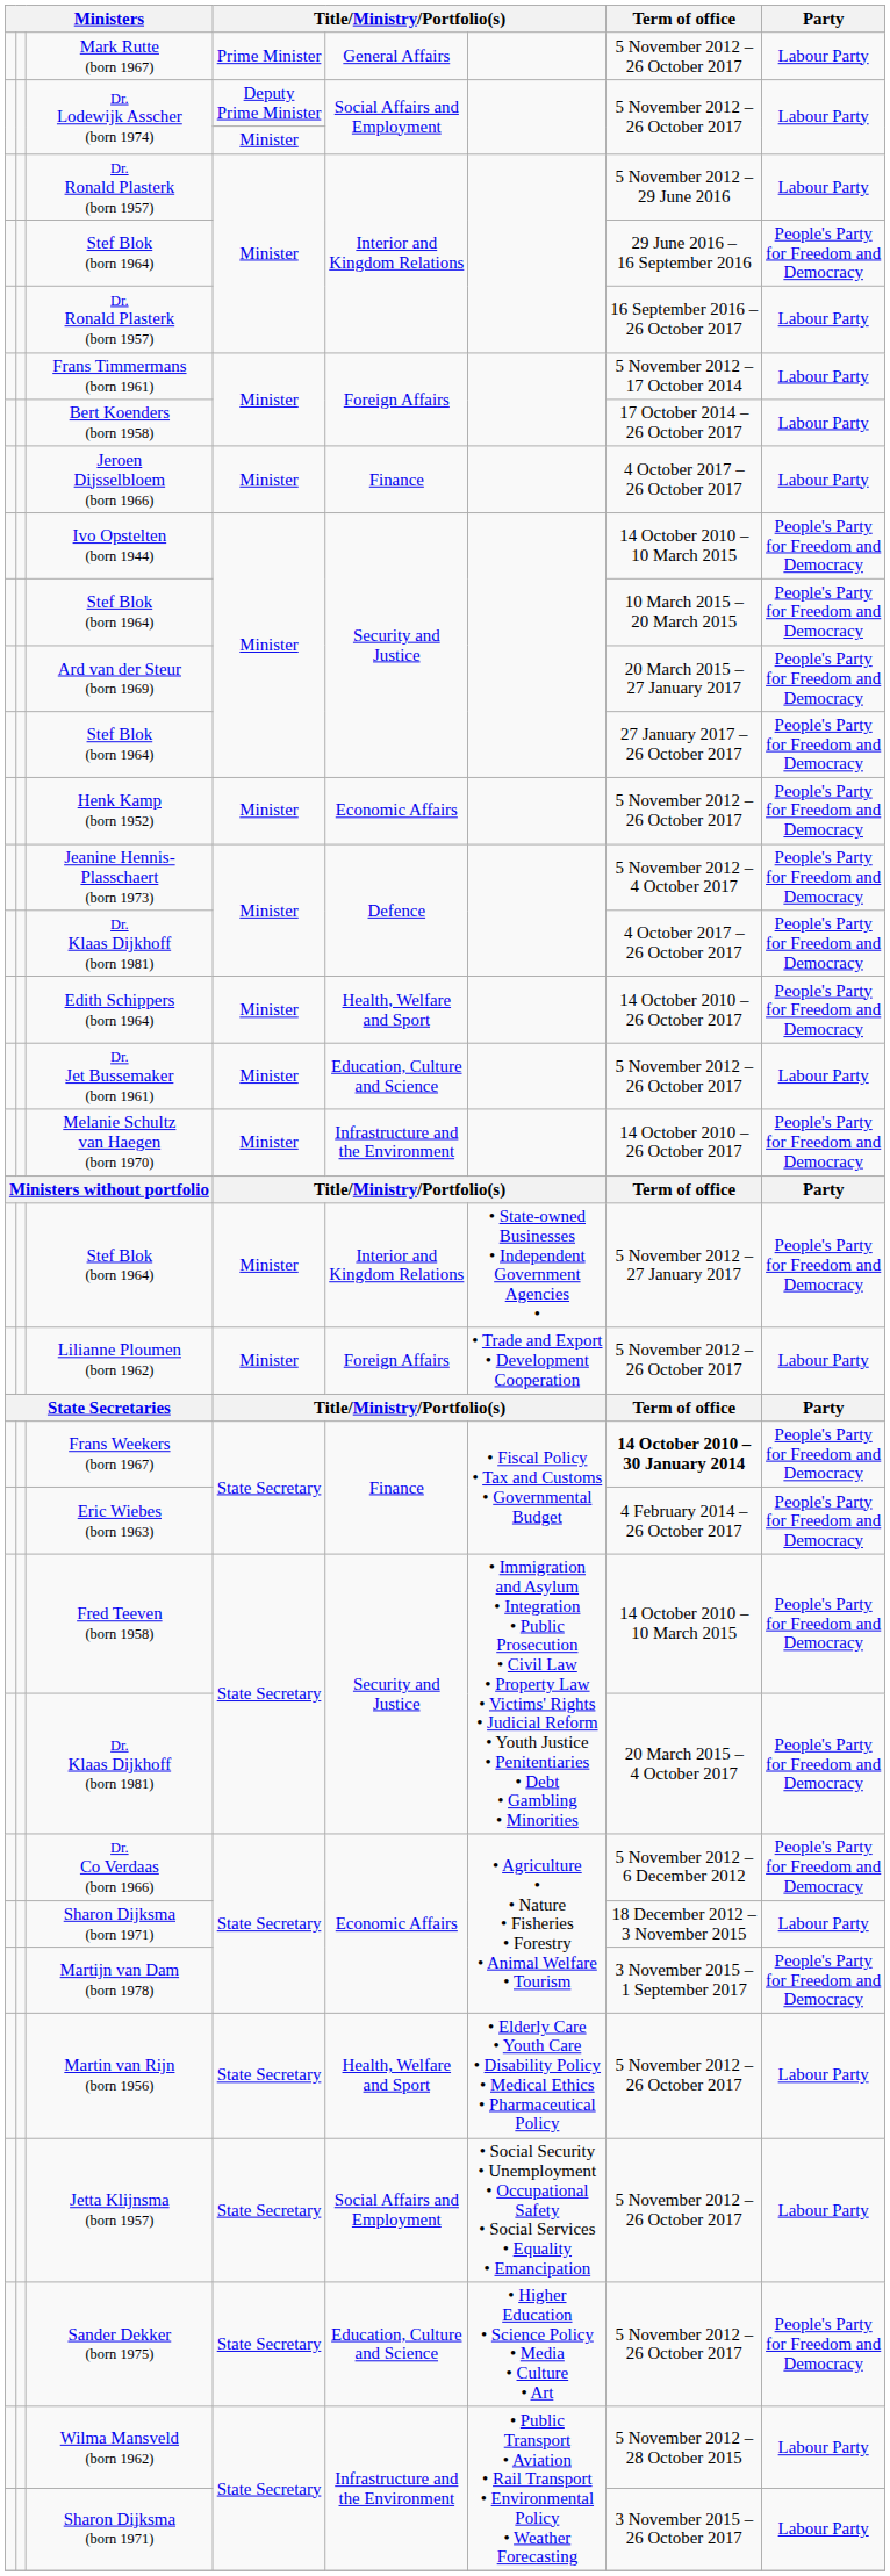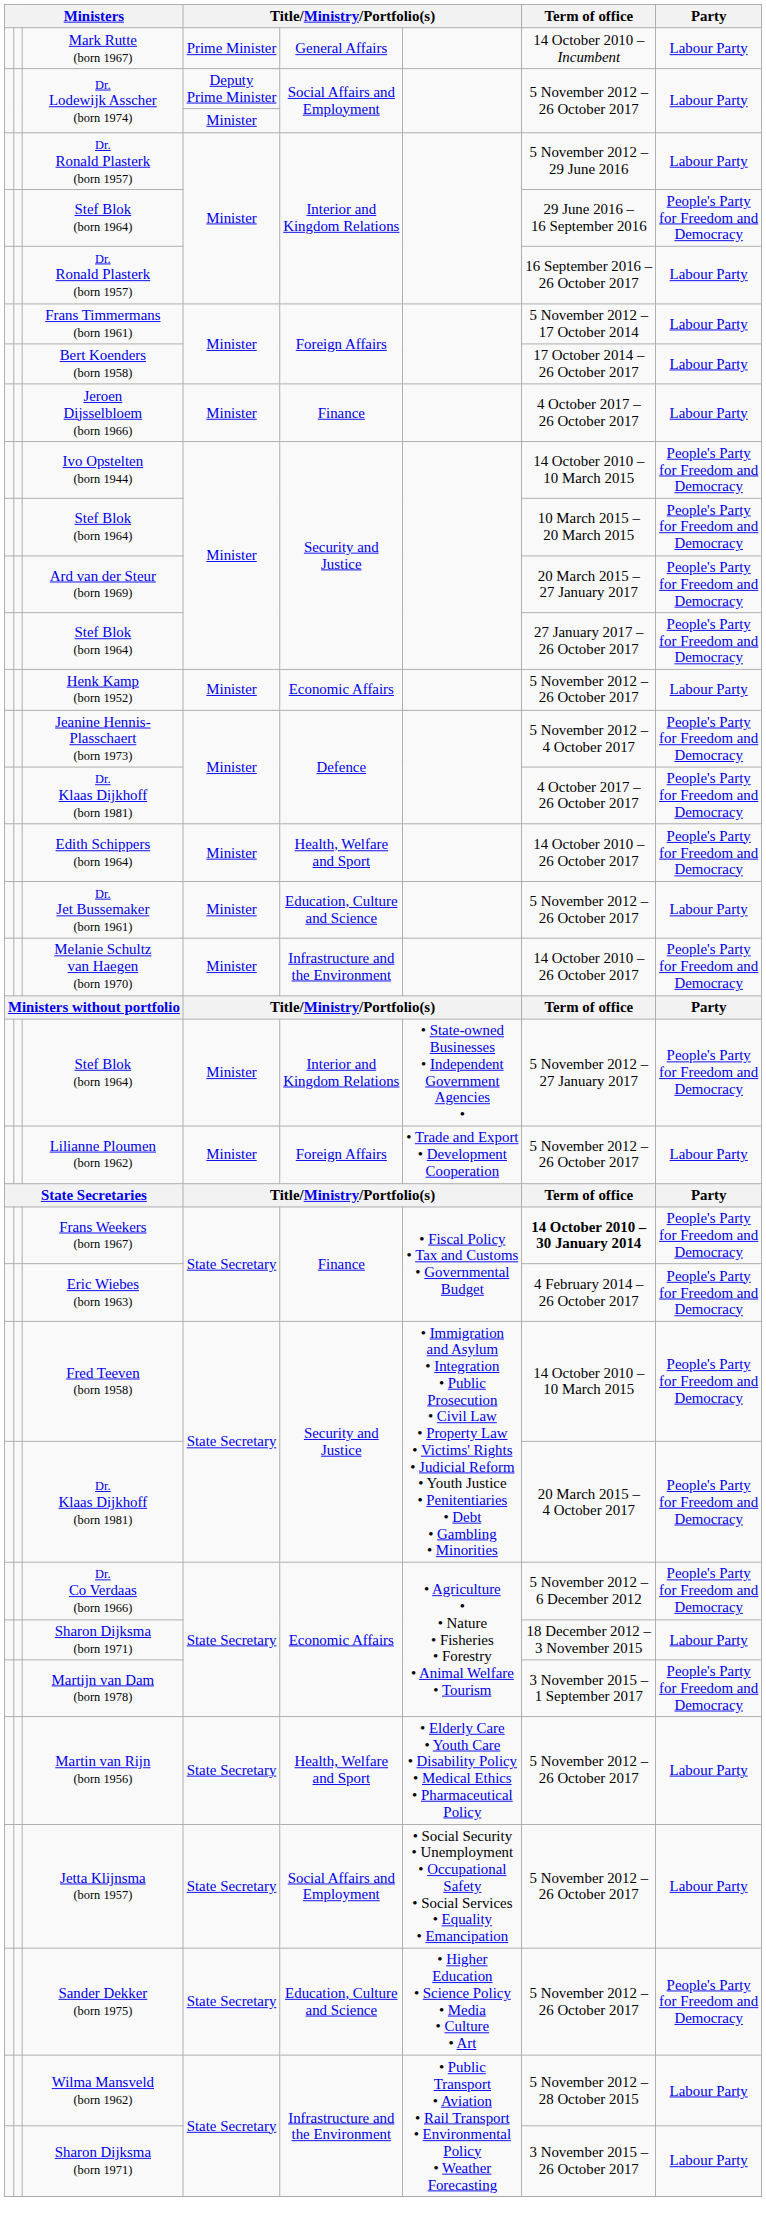 <table class="wikitable" style="text-align:center">
 <tr>
 <th colspan=3><a href='#'>Ministers</a></th>
 <th colspan=3>Title/<a href='#'>Ministry</a>/Portfolio(s)</th>
 <th>Term of office</th>
 <th>Party</th>
 </tr>
 <tr>
 <td style="background:"></td>
 <td></td>
 <td><a href='#'>Mark Rutte</a> <br> <small>(born 1967)</small></td>
 <td><a href='#'>Prime Minister</a></td>
 <td><a href='#'>General Affairs</a></td>
 <td></td>
-<td>5 November 2012 – <br> 26 October 2017</td>
+<td>14 October 2010 – <br> <em>Incumbent</em> <br>  </td>
 <td><a href='#'>Labour Party</a></td>
 </tr>
 <tr>
 <td rowspan=2 style="background:"></td>
 <td rowspan=2></td>
 <td rowspan=2><small><a href='#'>Dr.</a></small> <br> <a href='#'>Lodewijk Asscher</a> <br> <small>(born 1974)</small></td>
 <td><a href='#'>Deputy <br> Prime Minister</a></td>
 <td rowspan=2><a href='#'>Social Affairs and <br> Employment</a></td>
 <td rowspan=2></td>
 <td rowspan=2>5 November 2012 – <br> 26 October 2017</td>
 <td rowspan=2><a href='#'>Labour Party</a></td>
 </tr>
 <tr>
 <td><a href='#'>Minister</a></td>
 </tr>
 <tr>
 <td style="background:"></td>
 <td></td>
 <td><small><a href='#'>Dr.</a></small> <br> <a href='#'>Ronald Plasterk</a> <br> <small>(born 1957)</small></td>
 <td rowspan=3><a href='#'>Minister</a></td>
 <td rowspan=3><a href='#'>Interior and <br> Kingdom Relations</a></td>
 <td rowspan=3></td>
 <td>5 November 2012 – <br> 29 June 2016 <br> </td>
 <td><a href='#'>Labour Party</a></td>
 </tr>
 <tr>
 <td style="background:"></td>
 <td></td>
 <td><a href='#'>Stef Blok</a> <br> <small>(born 1964)</small></td>
 <td>29 June 2016 – <br> 16 September 2016 <br> </td>
 <td><a href='#'>People's Party <br> for Freedom and <br> Democracy</a></td>
 </tr>
 <tr>
 <td style="background:"></td>
 <td></td>
 <td><small><a href='#'>Dr.</a></small> <br> <a href='#'>Ronald Plasterk</a> <br> <small>(born 1957)</small></td>
 <td>16 September 2016 – <br> 26 October 2017</td>
 <td><a href='#'>Labour Party</a></td>
 </tr>
 <tr>
 <td style="background:"></td>
 <td></td>
 <td><a href='#'>Frans Timmermans</a> <br> <small>(born 1961)</small></td>
 <td rowspan=2><a href='#'>Minister</a></td>
 <td rowspan=2><a href='#'>Foreign Affairs</a></td>
 <td rowspan=2></td>
 <td>5 November 2012 – <br> 17 October 2014 <br> </td>
 <td><a href='#'>Labour Party</a></td>
 </tr>
 <tr>
 <td style="background:"></td>
 <td></td>
 <td><a href='#'>Bert Koenders</a> <br> <small>(born 1958)</small></td>
 <td>17 October 2014 – <br> 26 October 2017</td>
 <td><a href='#'>Labour Party</a></td>
 </tr>
 <tr>
 <td style="background:"></td>
 <td></td>
 <td><a href='#'>Jeroen <br> Dijsselbloem</a> <br> <small>(born 1966)</small></td>
 <td><a href='#'>Minister</a></td>
 <td><a href='#'>Finance</a></td>
 <td></td>
 <td>4 October 2017 – <br> 26 October 2017</td>
 <td><a href='#'>Labour Party</a></td>
 </tr>
 <tr>
 <td style="background:"></td>
 <td></td>
 <td><a href='#'>Ivo Opstelten</a> <br> <small>(born 1944)</small></td>
 <td rowspan=4><a href='#'>Minister</a></td>
 <td rowspan=4><a href='#'>Security and <br> Justice</a></td>
 <td rowspan=4></td>
 <td>14 October 2010 – <br> 10 March 2015 <br>  </td>
 <td><a href='#'>People's Party <br> for Freedom and <br> Democracy</a></td>
 </tr>
 <tr>
 <td style="background:"></td>
 <td></td>
 <td><a href='#'>Stef Blok</a> <br> <small>(born 1964)</small></td>
 <td>10 March 2015 – <br> 20 March 2015 <br> </td>
 <td><a href='#'>People's Party <br> for Freedom and <br> Democracy</a></td>
 </tr>
 <tr>
 <td style="background:"></td>
 <td></td>
 <td><a href='#'>Ard van der Steur</a> <br> <small>(born 1969)</small></td>
 <td>20 March 2015 – <br> 27 January 2017 <br> </td>
 <td><a href='#'>People's Party <br> for Freedom and <br> Democracy</a></td>
 </tr>
 <tr>
 <td style="background:"></td>
 <td></td>
 <td><a href='#'>Stef Blok</a> <br> <small>(born 1964)</small></td>
 <td>27 January 2017 – <br> 26 October 2017</td>
 <td><a href='#'>People's Party <br> for Freedom and <br> Democracy</a></td>
 </tr>
 <tr>
 <td style="background:"></td>
 <td></td>
 <td><a href='#'>Henk Kamp</a> <br> <small>(born 1952)</small></td>
 <td><a href='#'>Minister</a></td>
 <td><a href='#'>Economic Affairs</a></td>
 <td></td>
 <td>5 November 2012 – <br> 26 October 2017</td>
-<td><a href='#'>People's Party <br> for Freedom and <br> Democracy</a></td>
+<td><a href='#'>Labour Party</a></td>
 </tr>
 <tr>
 <td style="background:"></td>
 <td></td>
 <td><a href='#'>Jeanine Hennis-<br>Plasschaert</a> <br> <small>(born 1973)</small></td>
 <td rowspan=2><a href='#'>Minister</a></td>
 <td rowspan=2><a href='#'>Defence</a></td>
 <td rowspan=2></td>
 <td>5 November 2012 – <br> 4 October 2017 <br> </td>
 <td><a href='#'>People's Party <br> for Freedom and <br> Democracy</a></td>
 </tr>
 <tr>
 <td style="background:"></td>
 <td></td>
 <td><small><a href='#'>Dr.</a></small> <br> <a href='#'>Klaas Dijkhoff</a> <br> <small>(born 1981)</small></td>
 <td>4 October 2017 – <br> 26 October 2017</td>
 <td><a href='#'>People's Party <br> for Freedom and <br> Democracy</a></td>
 </tr>
 <tr>
 <td style="background:"></td>
 <td></td>
 <td><a href='#'>Edith Schippers</a> <br> <small>(born 1964)</small></td>
 <td><a href='#'>Minister</a></td>
 <td><a href='#'>Health, Welfare <br> and Sport</a></td>
 <td></td>
 <td>14 October 2010 – <br> 26 October 2017 <br> </td>
 <td><a href='#'>People's Party <br> for Freedom and <br> Democracy</a></td>
 </tr>
 <tr>
 <td style="background:"></td>
 <td></td>
 <td><small><a href='#'>Dr.</a></small> <br> <a href='#'>Jet Bussemaker</a> <br> <small>(born 1961)</small></td>
 <td><a href='#'>Minister</a></td>
 <td><a href='#'>Education, Culture <br> and Science</a></td>
 <td></td>
 <td>5 November 2012 – <br> 26 October 2017</td>
 <td><a href='#'>Labour Party</a></td>
 </tr>
 <tr>
 <td style="background:"></td>
 <td></td>
 <td><a href='#'>Melanie Schultz <br> van Haegen</a> <br> <small>(born 1970)</small></td>
 <td><a href='#'>Minister</a></td>
 <td><a href='#'>Infrastructure and <br> the Environment</a></td>
 <td></td>
 <td>14 October 2010 – <br> 26 October 2017 <br> </td>
 <td><a href='#'>People's Party <br> for Freedom and <br> Democracy</a></td>
 </tr>
 <tr>
 <th colspan=3><a href='#'>Ministers without portfolio</a></th>
 <th colspan=3>Title/<a href='#'>Ministry</a>/Portfolio(s)</th>
 <th>Term of office</th>
 <th>Party</th>
 </tr>
 <tr>
 <td style="background:"></td>
 <td></td>
 <td><a href='#'>Stef Blok</a> <br> <small>(born 1964)</small></td>
 <td><a href='#'>Minister</a></td>
 <td><a href='#'>Interior and <br> Kingdom Relations</a></td>
 <td>• <a href='#'>State-owned <br> Businesses</a> <br> • <a href='#'>Independent <br> Government <br> Agencies</a> <br> • </td>
 <td>5 November 2012 – <br> 27 January 2017 <br> </td>
 <td><a href='#'>People's Party <br> for Freedom and <br> Democracy</a></td>
 </tr>
 <tr>
 <td style="background:"></td>
 <td></td>
 <td><a href='#'>Lilianne Ploumen</a> <br> <small>(born 1962)</small></td>
 <td><a href='#'>Minister</a></td>
 <td><a href='#'>Foreign Affairs</a></td>
 <td>• <a href='#'>Trade and Export</a> <br> • <a href='#'>Development <br> Cooperation</a></td>
 <td>5 November 2012 – <br> 26 October 2017</td>
 <td><a href='#'>Labour Party</a></td>
 </tr>
 <tr>
 <th colspan=3><a href='#'>State Secretaries</a></th>
 <th colspan=3>Title/<a href='#'>Ministry</a>/Portfolio(s)</th>
 <th>Term of office</th>
 <th>Party</th>
 </tr>
 <tr>
 <td style="background:"></td>
 <td></td>
 <td><a href='#'>Frans Weekers</a> <br> <small>(born 1967)</small></td>
 <td rowspan=2><a href='#'>State Secretary</a></td>
 <td rowspan=2><a href='#'>Finance</a></td>
 <td rowspan=2>• <a href='#'>Fiscal Policy</a> <br> • <a href='#'>Tax and Customs</a> <br> • <a href='#'>Governmental <br> Budget</a></td>
 <td><strong>14 October 2010 – <br> 30 January 2014 <br>  </strong></td>
 <td><a href='#'>People's Party <br> for Freedom and <br> Democracy</a></td>
 </tr>
 <tr>
 <td style="background:"></td>
 <td></td>
 <td><a href='#'>Eric Wiebes</a> <br> <small>(born 1963)</small></td>
 <td>4 February 2014 – <br> 26 October 2017</td>
 <td><a href='#'>People's Party <br> for Freedom and <br> Democracy</a></td>
 </tr>
 <tr>
 <td style="background:"></td>
 <td></td>
 <td><a href='#'>Fred Teeven</a> <br> <small>(born 1958)</small></td>
 <td rowspan=2><a href='#'>State Secretary</a> <br> </td>
 <td rowspan=2><a href='#'>Security and <br> Justice</a></td>
 <td rowspan=2>• <a href='#'>Immigration <br> and Asylum</a> <br> • <a href='#'>Integration</a> <br> • <a href='#'>Public <br> Prosecution</a> <br> • <a href='#'>Civil Law</a> <br> • <a href='#'>Property Law</a> <br> • <a href='#'>Victims' Rights</a> <br> • <a href='#'>Judicial Reform</a> <br> • Youth Justice <br> • <a href='#'>Penitentiaries</a> <br> • <a href='#'>Debt</a> <br> • <a href='#'>Gambling</a> <br> • <a href='#'>Minorities</a></td>
 <td>14 October 2010 – <br> 10 March 2015 <br>  </td>
 <td><a href='#'>People's Party <br> for Freedom and <br> Democracy</a></td>
 </tr>
 <tr>
 <td style="background:"></td>
 <td></td>
 <td><small><a href='#'>Dr.</a></small> <br> <a href='#'>Klaas Dijkhoff</a> <br> <small>(born 1981)</small></td>
 <td>20 March 2015 – <br> 4 October 2017 <br> </td>
 <td><a href='#'>People's Party <br> for Freedom and <br> Democracy</a></td>
 </tr>
 <tr>
 <td style="background:"></td>
 <td></td>
 <td><small><a href='#'>Dr.</a></small> <br> <a href='#'>Co Verdaas</a> <br> <small>(born 1966)</small></td>
 <td rowspan=3><a href='#'>State Secretary</a> <br> </td>
 <td rowspan=3><a href='#'>Economic Affairs</a></td>
 <td rowspan=3>• <a href='#'>Agriculture</a> <br> •  <br> • Nature <br> • Fisheries <br> • Forestry <br> • <a href='#'>Animal Welfare</a> <br> • <a href='#'>Tourism</a></td>
 <td>5 November 2012 – <br> 6 December 2012 <br> </td>
 <td><a href='#'>People's Party <br> for Freedom and <br> Democracy</a></td>
 </tr>
 <tr>
 <td style="background:"></td>
 <td></td>
 <td><a href='#'>Sharon Dijksma</a> <br> <small>(born 1971)</small></td>
 <td>18 December 2012 – <br> 3 November 2015 <br> </td>
 <td><a href='#'>Labour Party</a></td>
 </tr>
 <tr>
 <td style="background:"></td>
 <td></td>
 <td><a href='#'>Martijn van Dam</a> <br> <small>(born 1978)</small></td>
 <td>3 November 2015 – <br> 1 September 2017 <br> </td>
 <td><a href='#'>People's Party <br> for Freedom and <br> Democracy</a></td>
 </tr>
 <tr>
 <td style="background:"></td>
 <td></td>
 <td><a href='#'>Martin van Rijn</a> <br> <small>(born 1956)</small></td>
 <td><a href='#'>State Secretary</a></td>
 <td><a href='#'>Health, Welfare <br> and Sport</a></td>
 <td>• <a href='#'>Elderly Care</a> <br> • <a href='#'>Youth Care</a> <br> • <a href='#'>Disability Policy</a> <br> • <a href='#'>Medical Ethics</a> <br> • <a href='#'>Pharmaceutical <br> Policy</a></td>
 <td>5 November 2012 – <br> 26 October 2017</td>
 <td><a href='#'>Labour Party</a></td>
 </tr>
 <tr>
 <td style="background:"></td>
 <td></td>
 <td><a href='#'>Jetta Klijnsma</a> <br> <small>(born 1957)</small></td>
 <td><a href='#'>State Secretary</a></td>
 <td><a href='#'>Social Affairs and <br> Employment</a></td>
 <td>• Social Security <br> • Unemployment <br> • <a href='#'>Occupational <br> Safety</a> <br> • Social Services <br> • <a href='#'>Equality</a> <br> • <a href='#'>Emancipation</a></td>
 <td>5 November 2012 – <br> 26 October 2017</td>
 <td><a href='#'>Labour Party</a></td>
 </tr>
 <tr>
 <td style="background:"></td>
 <td></td>
 <td><a href='#'>Sander Dekker</a> <br> <small>(born 1975)</small></td>
 <td><a href='#'>State Secretary</a></td>
 <td><a href='#'>Education, Culture <br> and Science</a></td>
 <td>• <a href='#'>Higher <br> Education</a> <br> • <a href='#'>Science Policy</a> <br> • <a href='#'>Media</a> <br> • <a href='#'>Culture</a> <br> • <a href='#'>Art</a></td>
 <td>5 November 2012 – <br> 26 October 2017</td>
 <td><a href='#'>People's Party <br> for Freedom and <br> Democracy</a></td>
 </tr>
 <tr>
 <td style="background:"></td>
 <td></td>
 <td><a href='#'>Wilma Mansveld</a> <br> <small>(born 1962)</small></td>
 <td rowspan=2><a href='#'>State Secretary</a> <br> </td>
 <td rowspan=2><a href='#'>Infrastructure and <br> the Environment</a></td>
 <td rowspan=2>• <a href='#'>Public <br> Transport</a> <br> • <a href='#'>Aviation</a> <br> • <a href='#'>Rail Transport</a> <br> • <a href='#'>Environmental <br> Policy</a> <br> • <a href='#'>Weather <br> Forecasting</a></td>
 <td>5 November 2012 – <br> 28 October 2015 <br> </td>
 <td><a href='#'>Labour Party</a></td>
 </tr>
 <tr>
 <td style="background:"></td>
 <td></td>
 <td><a href='#'>Sharon Dijksma</a> <br> <small>(born 1971)</small></td>
 <td>3 November 2015 – <br> 26 October 2017</td>
 <td><a href='#'>Labour Party</a></td>
 </tr>
 <tr>
 </tr>
 </table>
